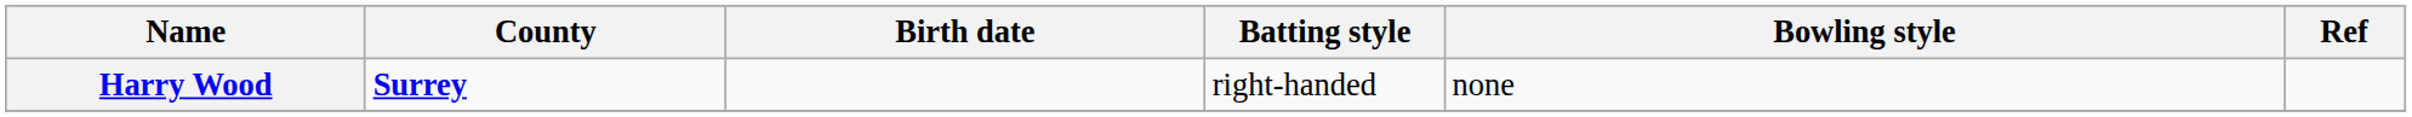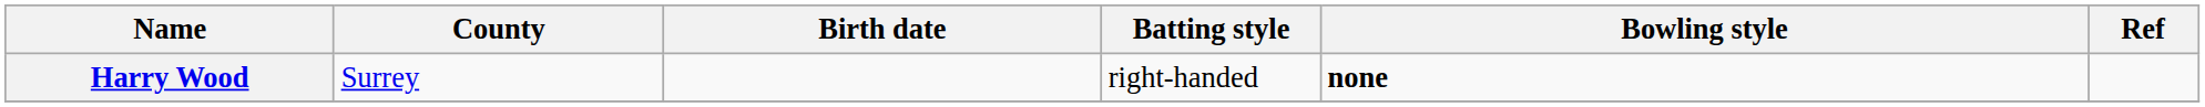 <table class="wikitable plainrowheaders" style="font-size:95%; width:90%;">
 <tr>
 <th scope="col" width="15%">Name</th>
 <th scope="col" width="15%">County</th>
 <th scope="col" width="20%">Birth date</th>
 <th scope="col" width="10%">Batting style</th>
 <th scope="col" width="35%">Bowling style</th>
 <th scope="col" width="5%">Ref</th>
 </tr>
 <tr>
 <th scope="row"><a href='#'>Harry Wood</a></th>
-<td><strong><a href='#'>Surrey</a></strong></td>
+<td><a href='#'>Surrey</a></td>
 <td></td>
 <td>right-handed</td>
-<td>none</td>
+<td><strong>none</strong></td>
 <td></td>
 </tr>
 <tr>
 </tr>
 </table>
